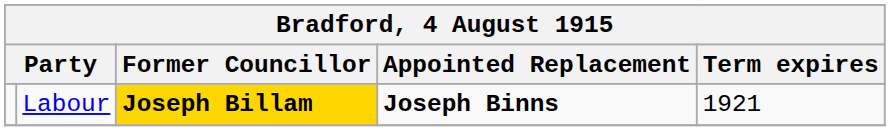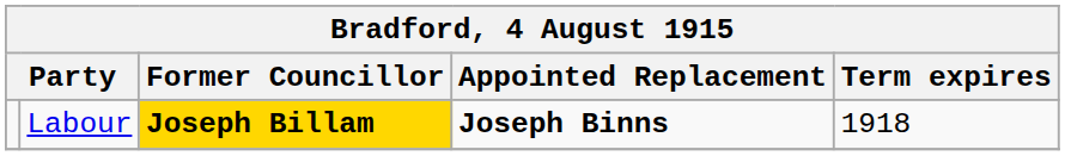 <table class="wikitable">
 <tr>
 <th colspan="5"><strong>Bradford, 4 August 1915</strong></th>
 </tr>
 <tr>
 <th colspan="2">Party</th>
 <th>Former Councillor</th>
 <th>Appointed Replacement</th>
 <th>Term expires</th>
 </tr>
 <tr>
 <td style="background-color:"></td>
 <td><a href='#'>Labour</a></td>
 <td style="background: gold;"><strong>Joseph Billam</strong></td>
 <td><strong>Joseph Binns</strong></td>
-<td>1921</td>
+<td>1918</td>
 </tr>
 <tr>
 </tr>
 </table>
